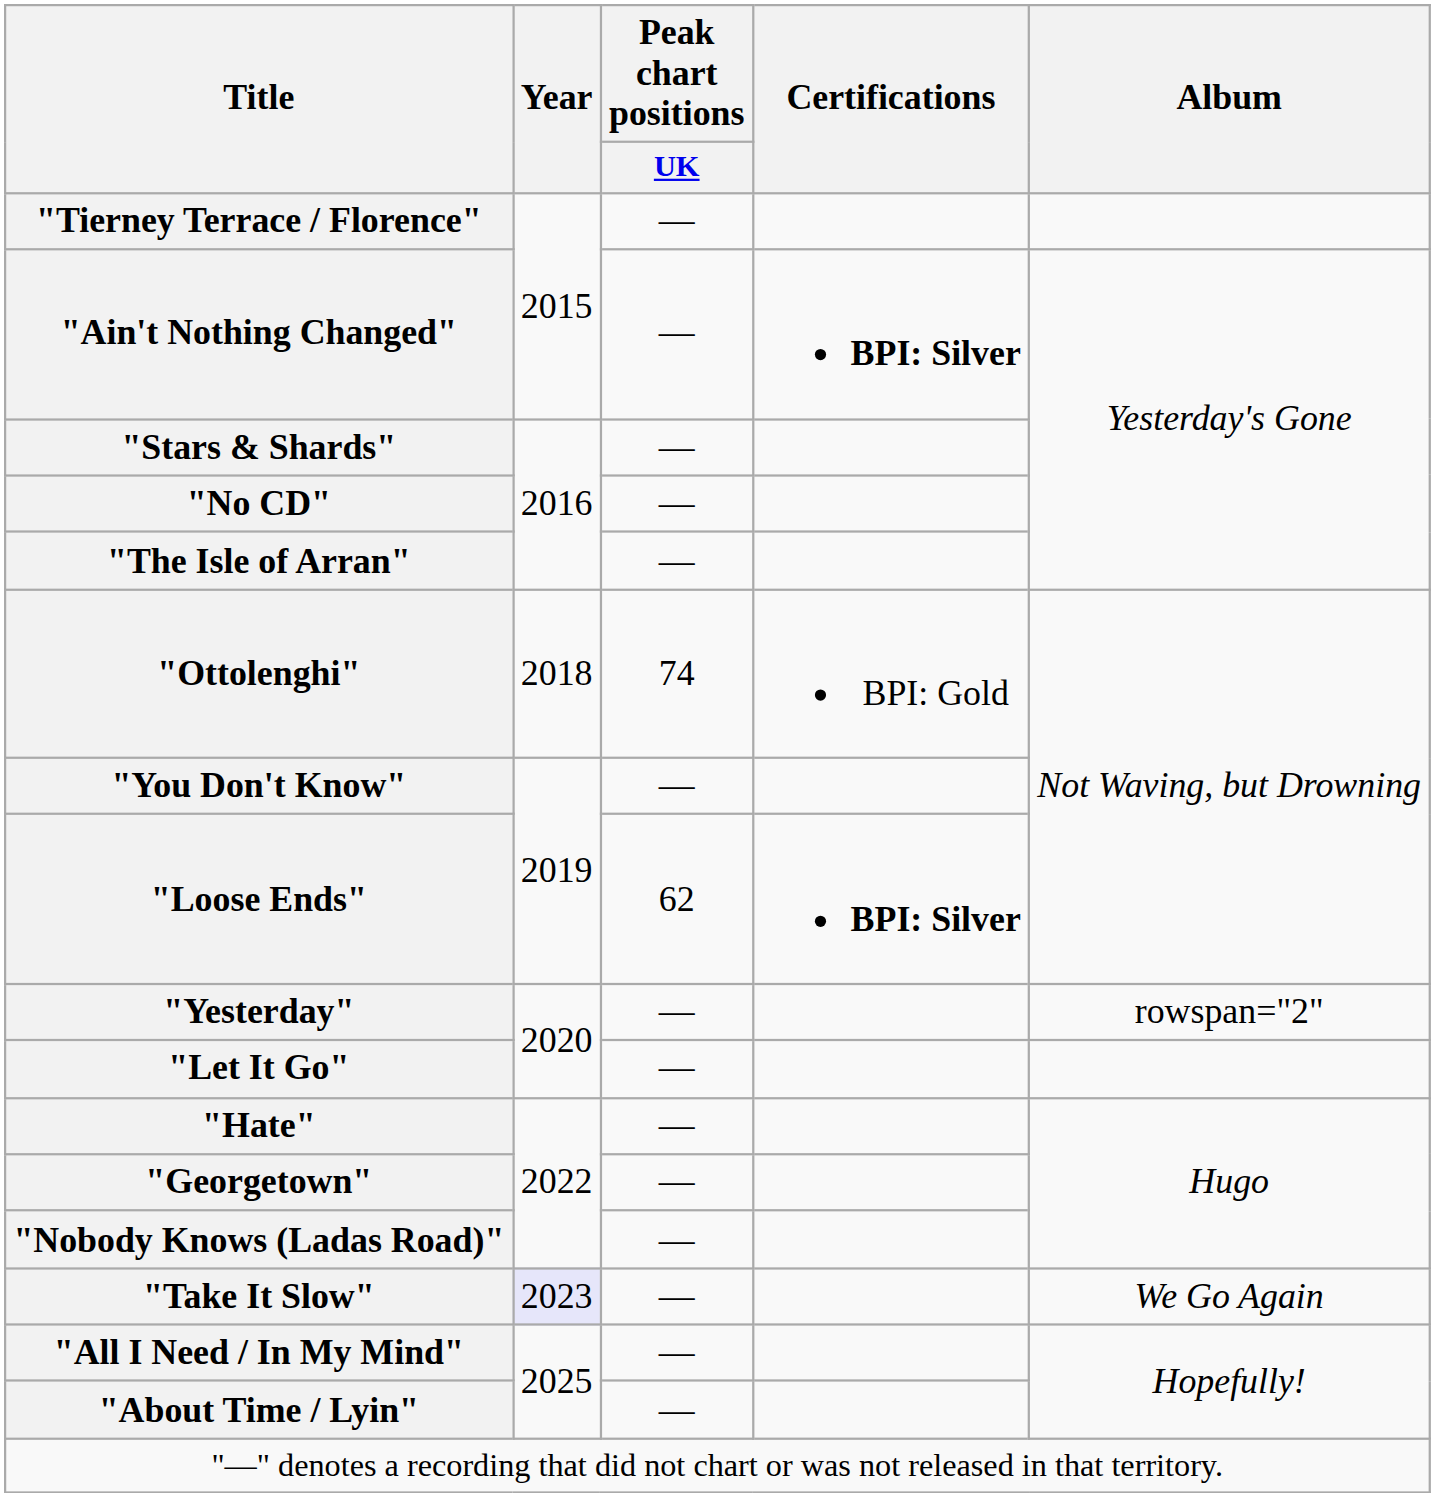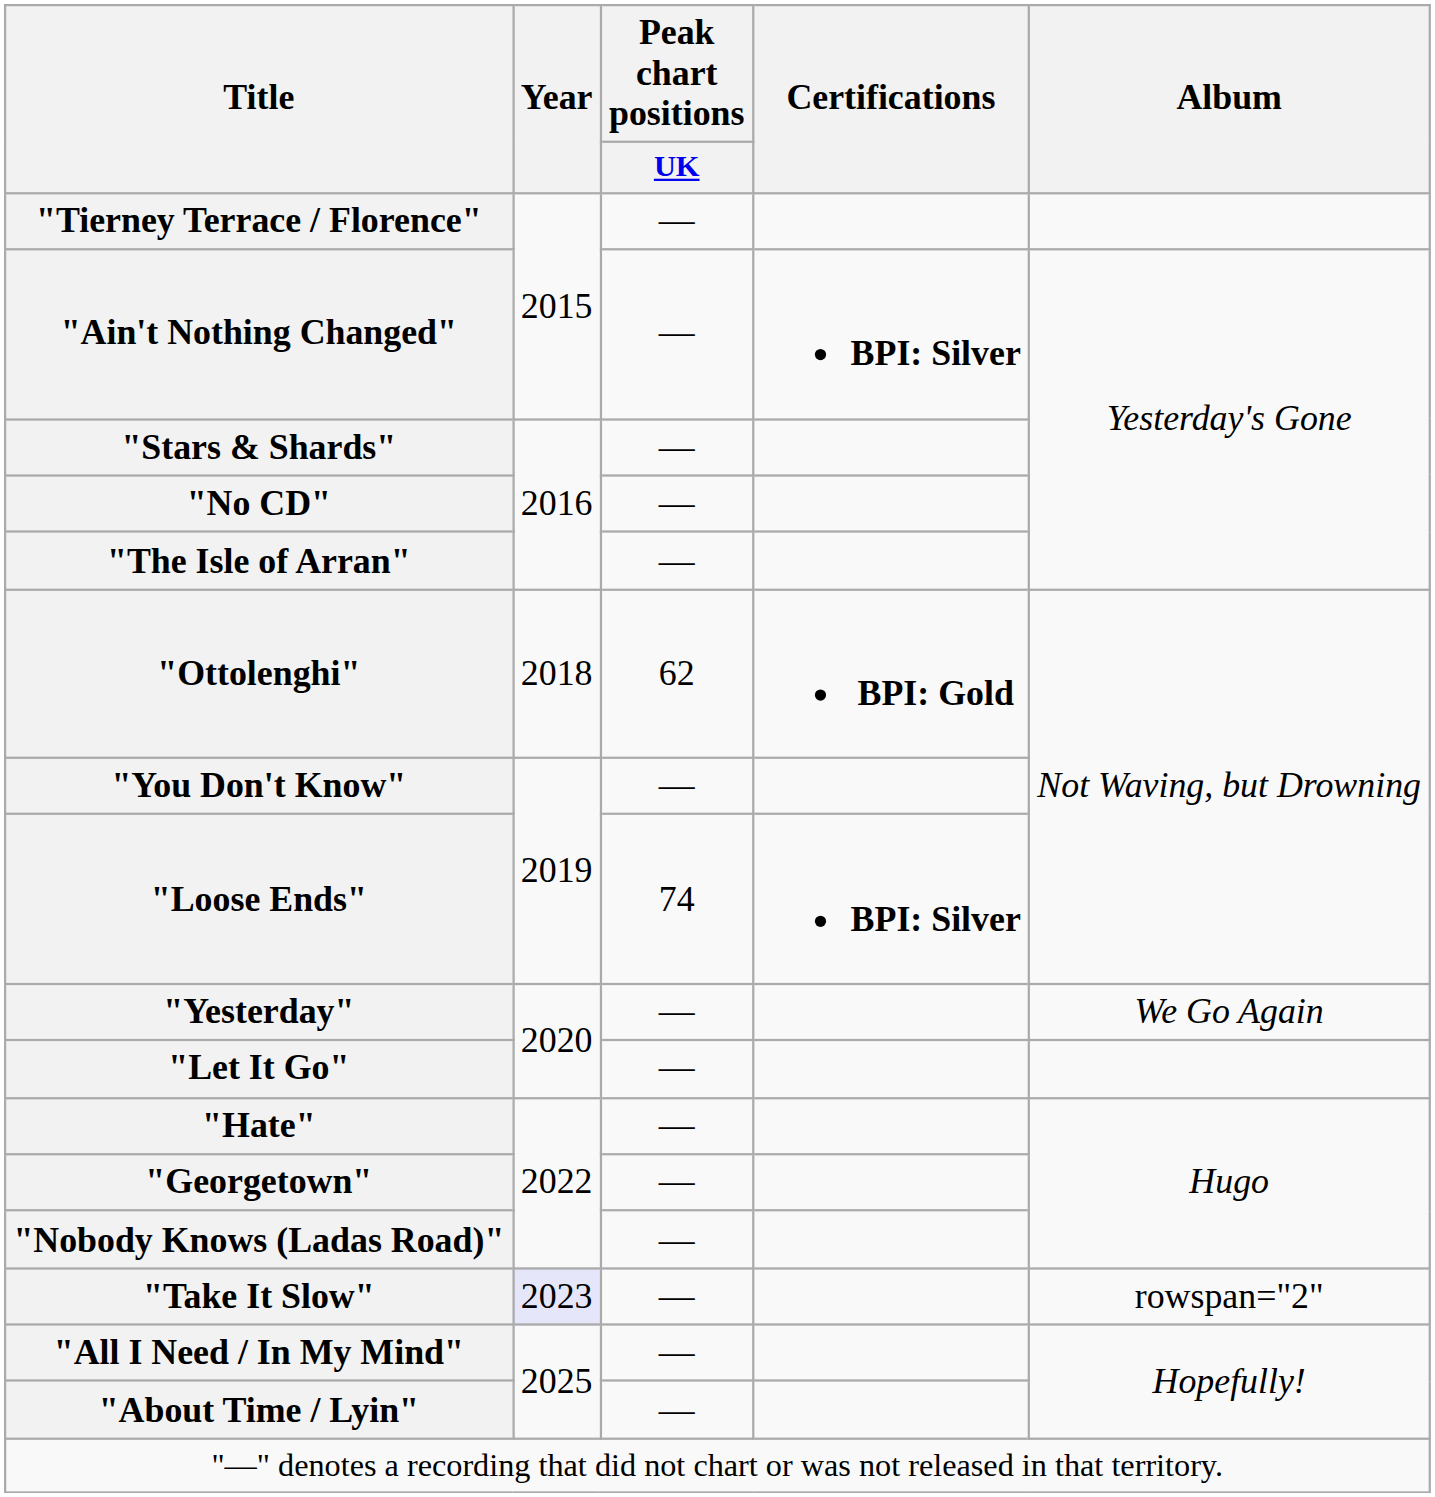 <table class="wikitable plainrowheaders" style="text-align:center;">
 <tr>
 <th scope="col" rowspan="2">Title</th>
 <th scope="col" rowspan="2">Year</th>
 <th scope="col" colspan="1">Peak chart positions</th>
 <th scope="col" rowspan="2">Certifications</th>
 <th scope="col" rowspan="2">Album</th>
 </tr>
 <tr>
 <th scope="col" style="width:3em;font-size:85%;"><a href='#'>UK</a><br></th>
 </tr>
 <tr>
 <th scope="row">"Tierney Terrace / Florence"</th>
 <td rowspan="2">2015</td>
 <td>—</td>
 <td></td>
 <td></td>
 </tr>
 <tr>
 <th scope="row">"Ain't Nothing Changed"</th>
 <td>—</td>
 <td><strong><br><ul><li>BPI: Silver</li></ul></strong></td>
 <td rowspan="4"><em>Yesterday's Gone</em></td>
 </tr>
 <tr>
 <th scope="row">"Stars & Shards"</th>
 <td rowspan="3">2016</td>
 <td>—</td>
 <td></td>
 </tr>
 <tr>
 <th scope="row">"No CD"<br></th>
 <td>—</td>
 <td></td>
 </tr>
 <tr>
 <th scope="row">"The Isle of Arran"</th>
 <td>—</td>
 <td></td>
 </tr>
 <tr>
 <th scope="row">"Ottolenghi"<br></th>
 <td>2018</td>
-<td>74</td>
-<td><br><ul><li>BPI: Gold</li></ul></td>
+<td>62</td>
+<td><strong><br><ul><li>BPI: Gold</li></ul></strong></td>
 <td rowspan="3"><em>Not Waving, but Drowning</em></td>
 </tr>
 <tr>
 <th scope="row">"You Don't Know"<br></th>
 <td rowspan="2">2019</td>
 <td>—</td>
 <td></td>
 </tr>
 <tr>
 <th scope="row">"Loose Ends"<br></th>
-<td>62</td>
+<td>74</td>
 <td><strong><br><ul><li>BPI: Silver</li></ul></strong></td>
 </tr>
 <tr>
 <th scope="row">"Yesterday"</th>
 <td rowspan="2">2020</td>
 <td>—</td>
 <td></td>
-<td>rowspan="2" </td>
+<td><em>We Go Again</em></td>
 </tr>
 <tr>
 <th scope="row">"Let It Go"<br></th>
 <td>—</td>
 <td></td>
 </tr>
 <tr>
 <th scope="row">"Hate"</th>
 <td rowspan="3">2022</td>
 <td>—</td>
 <td></td>
 <td rowspan="3"><em>Hugo</em></td>
 </tr>
 <tr>
 <th scope="row">"Georgetown"<br></th>
 <td>—</td>
 <td></td>
 </tr>
 <tr>
 <th scope="row">"Nobody Knows (Ladas Road)"</th>
 <td>—</td>
 <td></td>
 </tr>
 <tr>
 <th scope="row">"Take It Slow"<br></th>
 <td style="background: lavender;">2023</td>
 <td>—</td>
 <td></td>
-<td><em>We Go Again</em></td>
+<td>rowspan="2" </td>
 </tr>
 <tr>
 <th scope="row">"All I Need / In My Mind"</th>
 <td rowspan="2">2025</td>
 <td>—</td>
 <td></td>
 <td rowspan="2"><em>Hopefully!</em></td>
 </tr>
 <tr>
 <th scope="row">"About Time / Lyin"</th>
 <td>—</td>
 <td></td>
 </tr>
 <tr>
 <td colspan="5" style="font-size:90%">"—" denotes a recording that did not chart or was not released in that territory.</td>
 </tr>
 </table>
